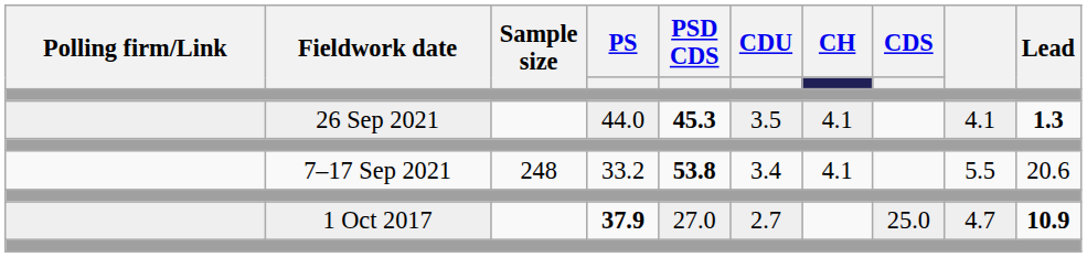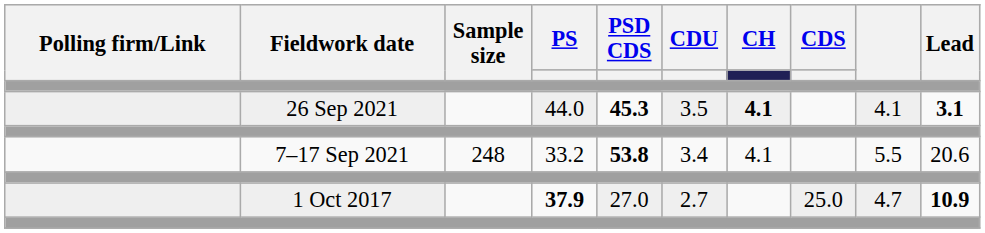 <table class="wikitable sortable mw-datatable" style="text-align:center;font-size:90%;line-height:16px;">
 <tr style="height:42px;">
 <th style="width:145px;" rowspan="2">Polling firm/Link</th>
 <th style="width:125px;" rowspan="2">Fieldwork date</th>
 <th class="unsortable" style="width:50px;" rowspan="2">Sample size</th>
 <th class="unsortable" style="width:35px;"><a href='#'>PS</a></th>
 <th class="unsortable" style="width:35px;"><a href='#'>PSD</a><br><a href='#'>CDS</a></th>
 <th class="unsortable" style="width:35px;"><a href='#'>CDU</a></th>
 <th class="unsortable" style="width:35px;"><a href='#'>CH</a></th>
 <th class="unsortable" style="width:35px;"><a href='#'>CDS</a></th>
 <th class="unsortable" style="width:35px;" rowspan="2"></th>
 <th class="unsortable" style="width:30px;" rowspan="2">Lead</th>
 </tr>
 <tr>
 <th class="unsortable" style="color:inherit;background:"></th>
 <th class="unsortable" style="color:inherit;background:"></th>
 <th class="unsortable" style="color:inherit;background:"></th>
 <th class="sortable" style="background:#202056;"></th>
 <th class="unsortable" style="color:inherit;background:"></th>
 </tr>
 <tr>
 <td colspan="17" style="background:#A0A0A0"></td>
 </tr>
 <tr>
 <td style="background:#EFEFEF;"><strong></strong></td>
 <td style="background:#EFEFEF;" data-sort-value="2019-10-06">26 Sep 2021</td>
 <td></td>
 <td style="background:#EFEFEF;">44.0<br></td>
 <td><strong>45.3</strong><br></td>
 <td style="background:#EFEFEF;">3.5<br></td>
-<td style="background:#EFEFEF;">4.1<br></td>
+<td style="background:#EFEFEF;"><strong>4.1<br></strong></td>
 <td></td>
 <td style="background:#EFEFEF;">4.1</td>
-<td style="background:"><strong>1.3</strong></td>
+<td style="background:"><strong>3.1</strong></td>
 </tr>
 <tr>
 <td colspan="17" style="background:#A0A0A0"></td>
 </tr>
 <tr>
 <td align="center"></td>
 <td align="center">7–17 Sep 2021</td>
 <td>248</td>
 <td align="center">33.2</td>
 <td align="center" ><strong>53.8</strong></td>
 <td align="center">3.4</td>
 <td align="center">4.1</td>
 <td></td>
 <td align="center">5.5</td>
 <td style="background:">20.6</td>
 </tr>
 <tr>
 <td colspan="17" style="background:#A0A0A0"></td>
 </tr>
 <tr>
 <td style="background:#EFEFEF;"><strong></strong></td>
 <td style="background:#EFEFEF;" data-sort-value="2019-10-06">1 Oct 2017</td>
 <td></td>
 <td><strong>37.9</strong><br></td>
 <td style="background:#EFEFEF;">27.0<br></td>
 <td style="background:#EFEFEF;">2.7<br></td>
 <td></td>
 <td style="background:#EFEFEF;">25.0<br></td>
 <td style="background:#EFEFEF;">4.7<br></td>
 <td style="background:"><strong>10.9</strong></td>
 </tr>
 <tr>
 <td colspan="17" style="background:#A0A0A0"></td>
 </tr>
 </table>
